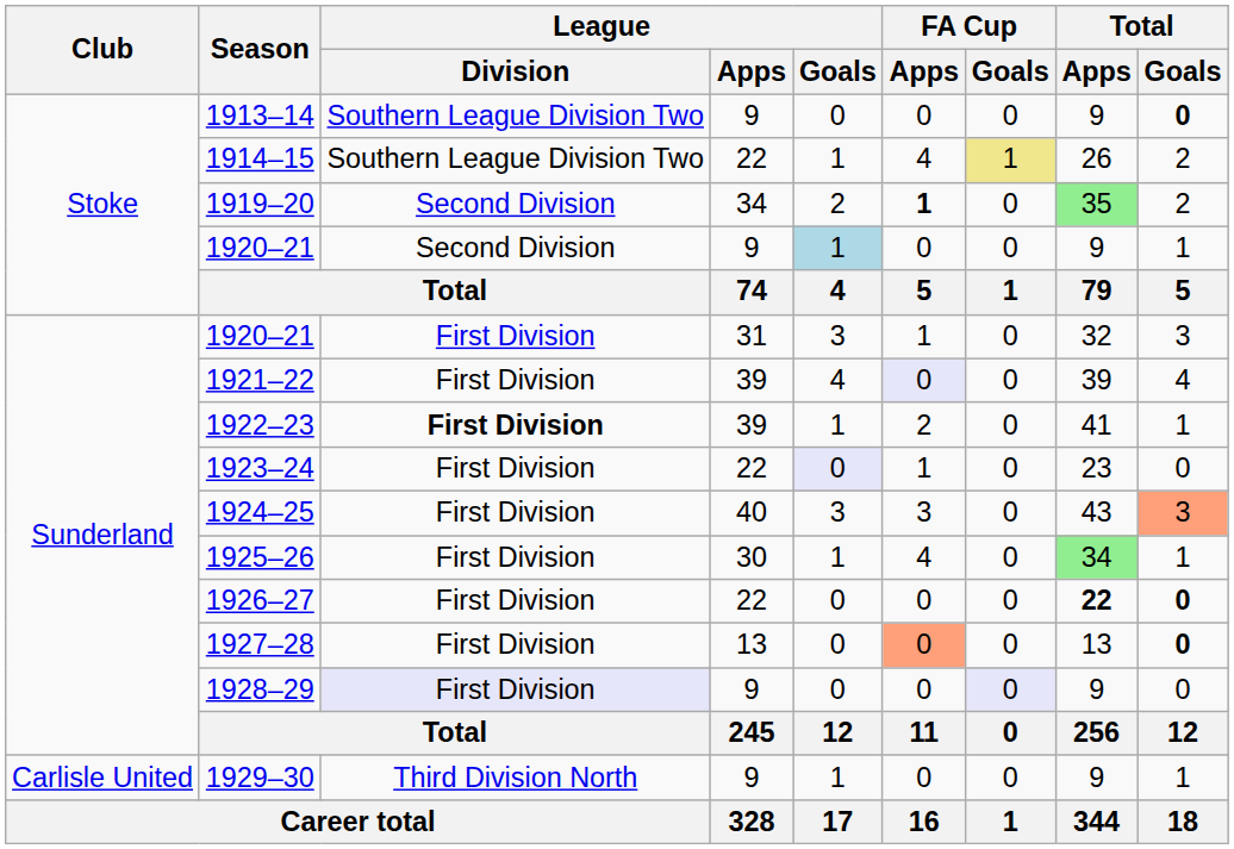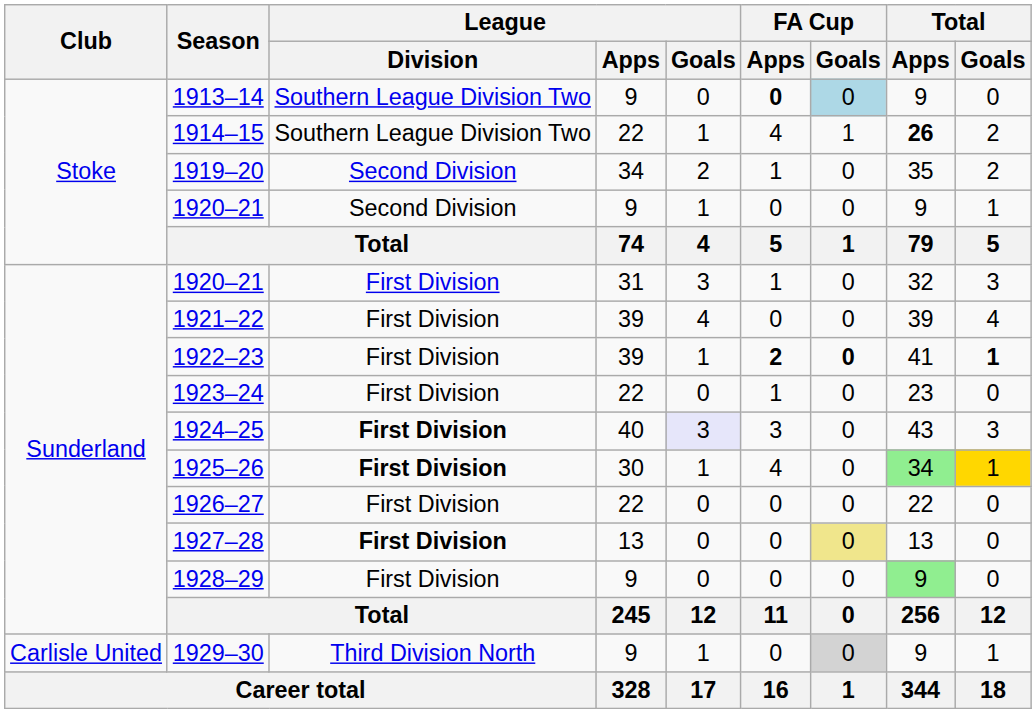 <table class="wikitable" style="text-align: center;">
 <tr>
 <th rowspan="2">Club</th>
 <th rowspan="2">Season</th>
 <th colspan="3">League</th>
 <th colspan="2">FA Cup</th>
 <th colspan="2">Total</th>
 </tr>
 <tr>
 <th>Division</th>
 <th>Apps</th>
 <th>Goals</th>
 <th>Apps</th>
 <th>Goals</th>
 <th>Apps</th>
 <th>Goals</th>
 </tr>
 <tr>
 <td rowspan="5"><a href='#'>Stoke</a></td>
 <td><a href='#'>1913–14</a></td>
 <td><a href='#'>Southern League Division Two</a></td>
 <td>9</td>
 <td>0</td>
+<td><strong>0</strong></td>
+<td style="background: lightblue;">0</td>
+<td>9</td>
 <td>0</td>
-<td>0</td>
-<td>9</td>
-<td><strong>0</strong></td>
 </tr>
 <tr>
 <td><a href='#'>1914–15</a></td>
 <td>Southern League Division Two</td>
 <td>22</td>
 <td>1</td>
 <td>4</td>
-<td style="background: khaki;">1</td>
-<td>26</td>
+<td>1</td>
+<td><strong>26</strong></td>
 <td>2</td>
 </tr>
 <tr>
 <td><a href='#'>1919–20</a></td>
 <td><a href='#'>Second Division</a></td>
 <td>34</td>
 <td>2</td>
-<td><strong>1</strong></td>
+<td>1</td>
 <td>0</td>
-<td style="background: lightgreen;">35</td>
+<td>35</td>
 <td>2</td>
 </tr>
 <tr>
 <td><a href='#'>1920–21</a></td>
 <td>Second Division</td>
 <td>9</td>
-<td style="background: lightblue;">1</td>
+<td>1</td>
 <td>0</td>
 <td>0</td>
 <td>9</td>
 <td>1</td>
 </tr>
 <tr>
 <th colspan=2>Total</th>
 <th>74</th>
 <th>4</th>
 <th>5</th>
 <th>1</th>
 <th>79</th>
 <th>5</th>
 </tr>
 <tr>
 <td rowspan="10"><a href='#'>Sunderland</a></td>
 <td><a href='#'>1920–21</a></td>
 <td><a href='#'>First Division</a></td>
 <td>31</td>
 <td>3</td>
 <td>1</td>
 <td>0</td>
 <td>32</td>
 <td>3</td>
 </tr>
 <tr>
 <td><a href='#'>1921–22</a></td>
 <td>First Division</td>
 <td>39</td>
 <td>4</td>
-<td style="background: lavender;">0</td>
+<td>0</td>
 <td>0</td>
 <td>39</td>
 <td>4</td>
 </tr>
 <tr>
 <td><a href='#'>1922–23</a></td>
-<td><strong>First Division</strong></td>
+<td>First Division</td>
 <td>39</td>
 <td>1</td>
-<td>2</td>
-<td>0</td>
+<td><strong>2</strong></td>
+<td><strong>0</strong></td>
 <td>41</td>
-<td>1</td>
+<td><strong>1</strong></td>
 </tr>
 <tr>
 <td><a href='#'>1923–24</a></td>
 <td>First Division</td>
 <td>22</td>
-<td style="background: lavender;">0</td>
+<td>0</td>
 <td>1</td>
 <td>0</td>
 <td>23</td>
 <td>0</td>
 </tr>
 <tr>
 <td><a href='#'>1924–25</a></td>
-<td>First Division</td>
+<td><strong>First Division</strong></td>
 <td>40</td>
-<td>3</td>
+<td style="background: lavender;">3</td>
 <td>3</td>
 <td>0</td>
 <td>43</td>
-<td style="background: lightsalmon;">3</td>
+<td>3</td>
 </tr>
 <tr>
 <td><a href='#'>1925–26</a></td>
-<td>First Division</td>
+<td><strong>First Division</strong></td>
 <td>30</td>
 <td>1</td>
 <td>4</td>
 <td>0</td>
 <td style="background: lightgreen;">34</td>
-<td>1</td>
+<td style="background: gold;">1</td>
 </tr>
 <tr>
 <td><a href='#'>1926–27</a></td>
 <td>First Division</td>
 <td>22</td>
 <td>0</td>
 <td>0</td>
 <td>0</td>
-<td><strong>22</strong></td>
-<td><strong>0</strong></td>
+<td>22</td>
+<td>0</td>
 </tr>
 <tr>
 <td><a href='#'>1927–28</a></td>
-<td>First Division</td>
+<td><strong>First Division</strong></td>
 <td>13</td>
 <td>0</td>
-<td style="background: lightsalmon;">0</td>
 <td>0</td>
+<td style="background: khaki;">0</td>
 <td>13</td>
-<td><strong>0</strong></td>
+<td>0</td>
 </tr>
 <tr>
 <td><a href='#'>1928–29</a></td>
-<td style="background: lavender;">First Division</td>
+<td>First Division</td>
 <td>9</td>
 <td>0</td>
 <td>0</td>
-<td style="background: lavender;">0</td>
-<td>9</td>
+<td>0</td>
+<td style="background: lightgreen;">9</td>
 <td>0</td>
 </tr>
 <tr>
 <th colspan=2>Total</th>
 <th>245</th>
 <th>12</th>
 <th>11</th>
 <th>0</th>
 <th>256</th>
 <th>12</th>
 </tr>
 <tr>
 <td><a href='#'>Carlisle United</a></td>
 <td><a href='#'>1929–30</a></td>
 <td><a href='#'>Third Division North</a></td>
 <td>9</td>
 <td>1</td>
 <td>0</td>
-<td>0</td>
+<td style="background: lightgrey;">0</td>
 <td>9</td>
 <td>1</td>
 </tr>
 <tr>
 <th colspan="3">Career total</th>
 <th>328</th>
 <th>17</th>
 <th>16</th>
 <th>1</th>
 <th>344</th>
 <th>18</th>
 </tr>
 </table>
